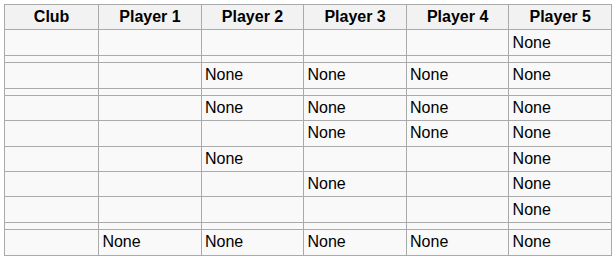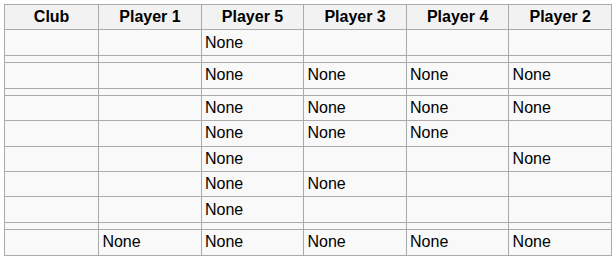 <table class="wikitable ">
 <tr>
 <th style="width:190px;">Club</th>
 <th style="width:190px;">Player 1</th>
-<th style="width:190px;">Player 2</th>
+<th style="width:190px;">Player 5</th>
 <th style="width:190px;">Player 3</th>
 <th style="width:190px;">Player 4</th>
-<th style="width:190px;">Player 5</th>
+<th style="width:190px;">Player 2</th>
 </tr>
 <tr>
 <td></td>
 <td></td>
+<td>None</td>
 <td></td>
 <td></td>
 <td></td>
-<td>None</td>
 </tr>
 <tr>
 <td></td>
 <td></td>
 <td></td>
 <td></td>
 <td></td>
 <td></td>
 </tr>
 <tr>
 <td></td>
 <td></td>
 <td>None</td>
 <td>None</td>
 <td>None</td>
 <td>None</td>
 </tr>
 <tr>
 <td></td>
 <td></td>
 <td></td>
 <td></td>
 <td></td>
 <td></td>
 </tr>
 <tr>
 <td></td>
 <td></td>
 <td>None</td>
 <td>None</td>
 <td>None</td>
 <td>None</td>
 </tr>
 <tr>
 <td></td>
 <td></td>
-<td></td>
 <td>None</td>
 <td>None</td>
 <td>None</td>
+<td></td>
 </tr>
 <tr>
 <td></td>
 <td></td>
 <td>None</td>
 <td></td>
 <td></td>
 <td>None</td>
 </tr>
 <tr>
 <td></td>
 <td></td>
-<td></td>
+<td>None</td>
 <td>None</td>
 <td></td>
-<td>None</td>
+<td></td>
 </tr>
 <tr>
 <td></td>
 <td></td>
+<td>None</td>
 <td></td>
 <td></td>
 <td></td>
-<td>None</td>
 </tr>
 <tr>
 <td></td>
 <td></td>
 <td></td>
 <td></td>
 <td></td>
 <td></td>
 </tr>
 <tr>
 <td></td>
 <td>None</td>
 <td>None</td>
 <td>None</td>
 <td>None</td>
 <td>None</td>
 </tr>
 </table>
